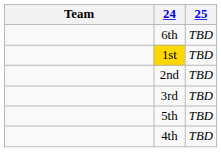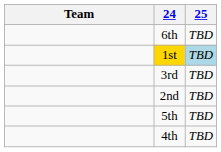 <table class="wikitable" style="text-align:center;">
 <tr>
 <th bgcolor="#efefef" style="width:11.2em;">Team</th>
 <th bgcolor="#efefef" style="width:2em;"><a href='#'>24</a></th>
 <th bgcolor="#efefef" style="width:2em;"><a href='#'>25</a></th>
 </tr>
 <tr>
 <td align=left></td>
 <td>6th</td>
 <td><em>TBD</em></td>
 </tr>
 <tr>
 <td align=left></td>
 <td bgcolor=#FFD700>1st</td>
+<td style="background: lightblue;"><em>TBD</em></td>
+</tr>
+<tr>
+<td align=left></td>
+<td>3rd</td>
 <td><em>TBD</em></td>
 </tr>
 <tr>
 <td align=left></td>
 <td>2nd</td>
-<td><em>TBD</em></td>
-</tr>
-<tr>
-<td align=left></td>
-<td>3rd</td>
 <td><em>TBD</em></td>
 </tr>
 <tr>
 <td align=left></td>
 <td>5th</td>
 <td><em>TBD</em></td>
 </tr>
 <tr>
 <td align=left></td>
 <td>4th</td>
 <td><em>TBD</em></td>
 </tr>
 </table>
